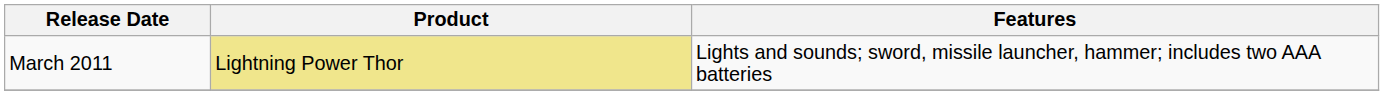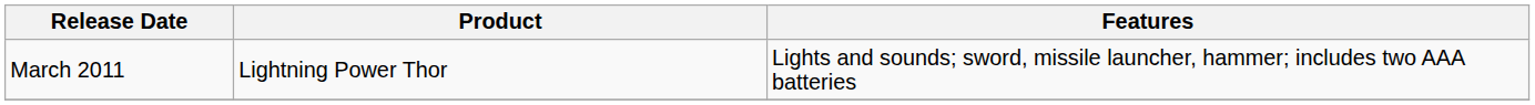 <table class="wikitable" width="70%">
 <tr>
 <th width=15%>Release Date</th>
 <th width=35%>Product</th>
 <th width=50%>Features</th>
 </tr>
 <tr>
 <td>March 2011</td>
-<td style="background: khaki;">Lightning Power Thor</td>
+<td>Lightning Power Thor</td>
 <td>Lights and sounds; sword, missile launcher, hammer; includes two AAA batteries</td>
 </tr>
 <tr>
 </tr>
 </table>
